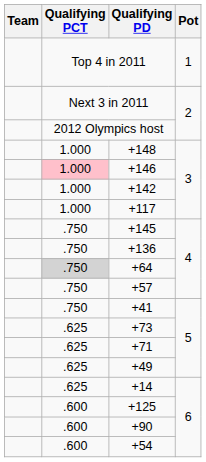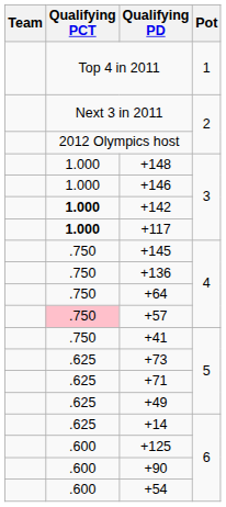 <table class="wikitable collapsible collapsed" style="text-align:center;">
 <tr>
 <th>Team</th>
 <th style="width:50px;">Qualifying <a href='#'>PCT</a></th>
 <th width=50px>Qualifying <a href='#'>PD</a></th>
 <th>Pot</th>
 </tr>
 <tr>
 <td align=left><br><br><br></td>
 <td colspan=2>Top 4 in 2011</td>
 <td>1</td>
 </tr>
 <tr>
 <td align=left><br><br></td>
 <td colspan=2>Next 3 in 2011</td>
 <td rowspan=2>2</td>
 </tr>
 <tr>
 <td align=left></td>
 <td colspan=2>2012 Olympics host</td>
 </tr>
 <tr>
 <td align=left></td>
 <td>1.000</td>
 <td>+148</td>
 <td rowspan=4>3</td>
 </tr>
 <tr>
 <td align=left></td>
-<td style="background: pink;">1.000</td>
+<td>1.000</td>
 <td>+146</td>
 </tr>
 <tr>
 <td align=left></td>
-<td>1.000</td>
+<td><strong>1.000</strong></td>
 <td>+142</td>
 </tr>
 <tr>
 <td align=left></td>
-<td>1.000</td>
+<td><strong>1.000</strong></td>
 <td>+117</td>
 </tr>
 <tr>
 <td align=left></td>
 <td>.750</td>
 <td>+145</td>
 <td rowspan=4>4</td>
 </tr>
 <tr>
 <td align=left></td>
 <td>.750</td>
 <td>+136</td>
 </tr>
 <tr>
 <td align=left></td>
-<td style="background: lightgrey;">.750</td>
+<td>.750</td>
 <td>+64</td>
 </tr>
 <tr>
 <td align=left></td>
-<td>.750</td>
+<td style="background: pink;">.750</td>
 <td>+57</td>
 </tr>
 <tr>
 <td align=left></td>
 <td>.750</td>
 <td>+41</td>
 <td rowspan=4>5</td>
 </tr>
 <tr>
 <td align=left></td>
 <td>.625</td>
 <td>+73</td>
 </tr>
 <tr>
 <td align=left></td>
 <td>.625</td>
 <td>+71</td>
 </tr>
 <tr>
 <td align=left></td>
 <td>.625</td>
 <td>+49</td>
 </tr>
 <tr>
 <td align=left></td>
 <td>.625</td>
 <td>+14</td>
 <td rowspan=4>6</td>
 </tr>
 <tr>
 <td align=left></td>
 <td>.600</td>
 <td>+125</td>
 </tr>
 <tr>
 <td align=left></td>
 <td>.600</td>
 <td>+90</td>
 </tr>
 <tr>
 <td align=left></td>
 <td>.600</td>
 <td>+54</td>
 </tr>
 </table>
